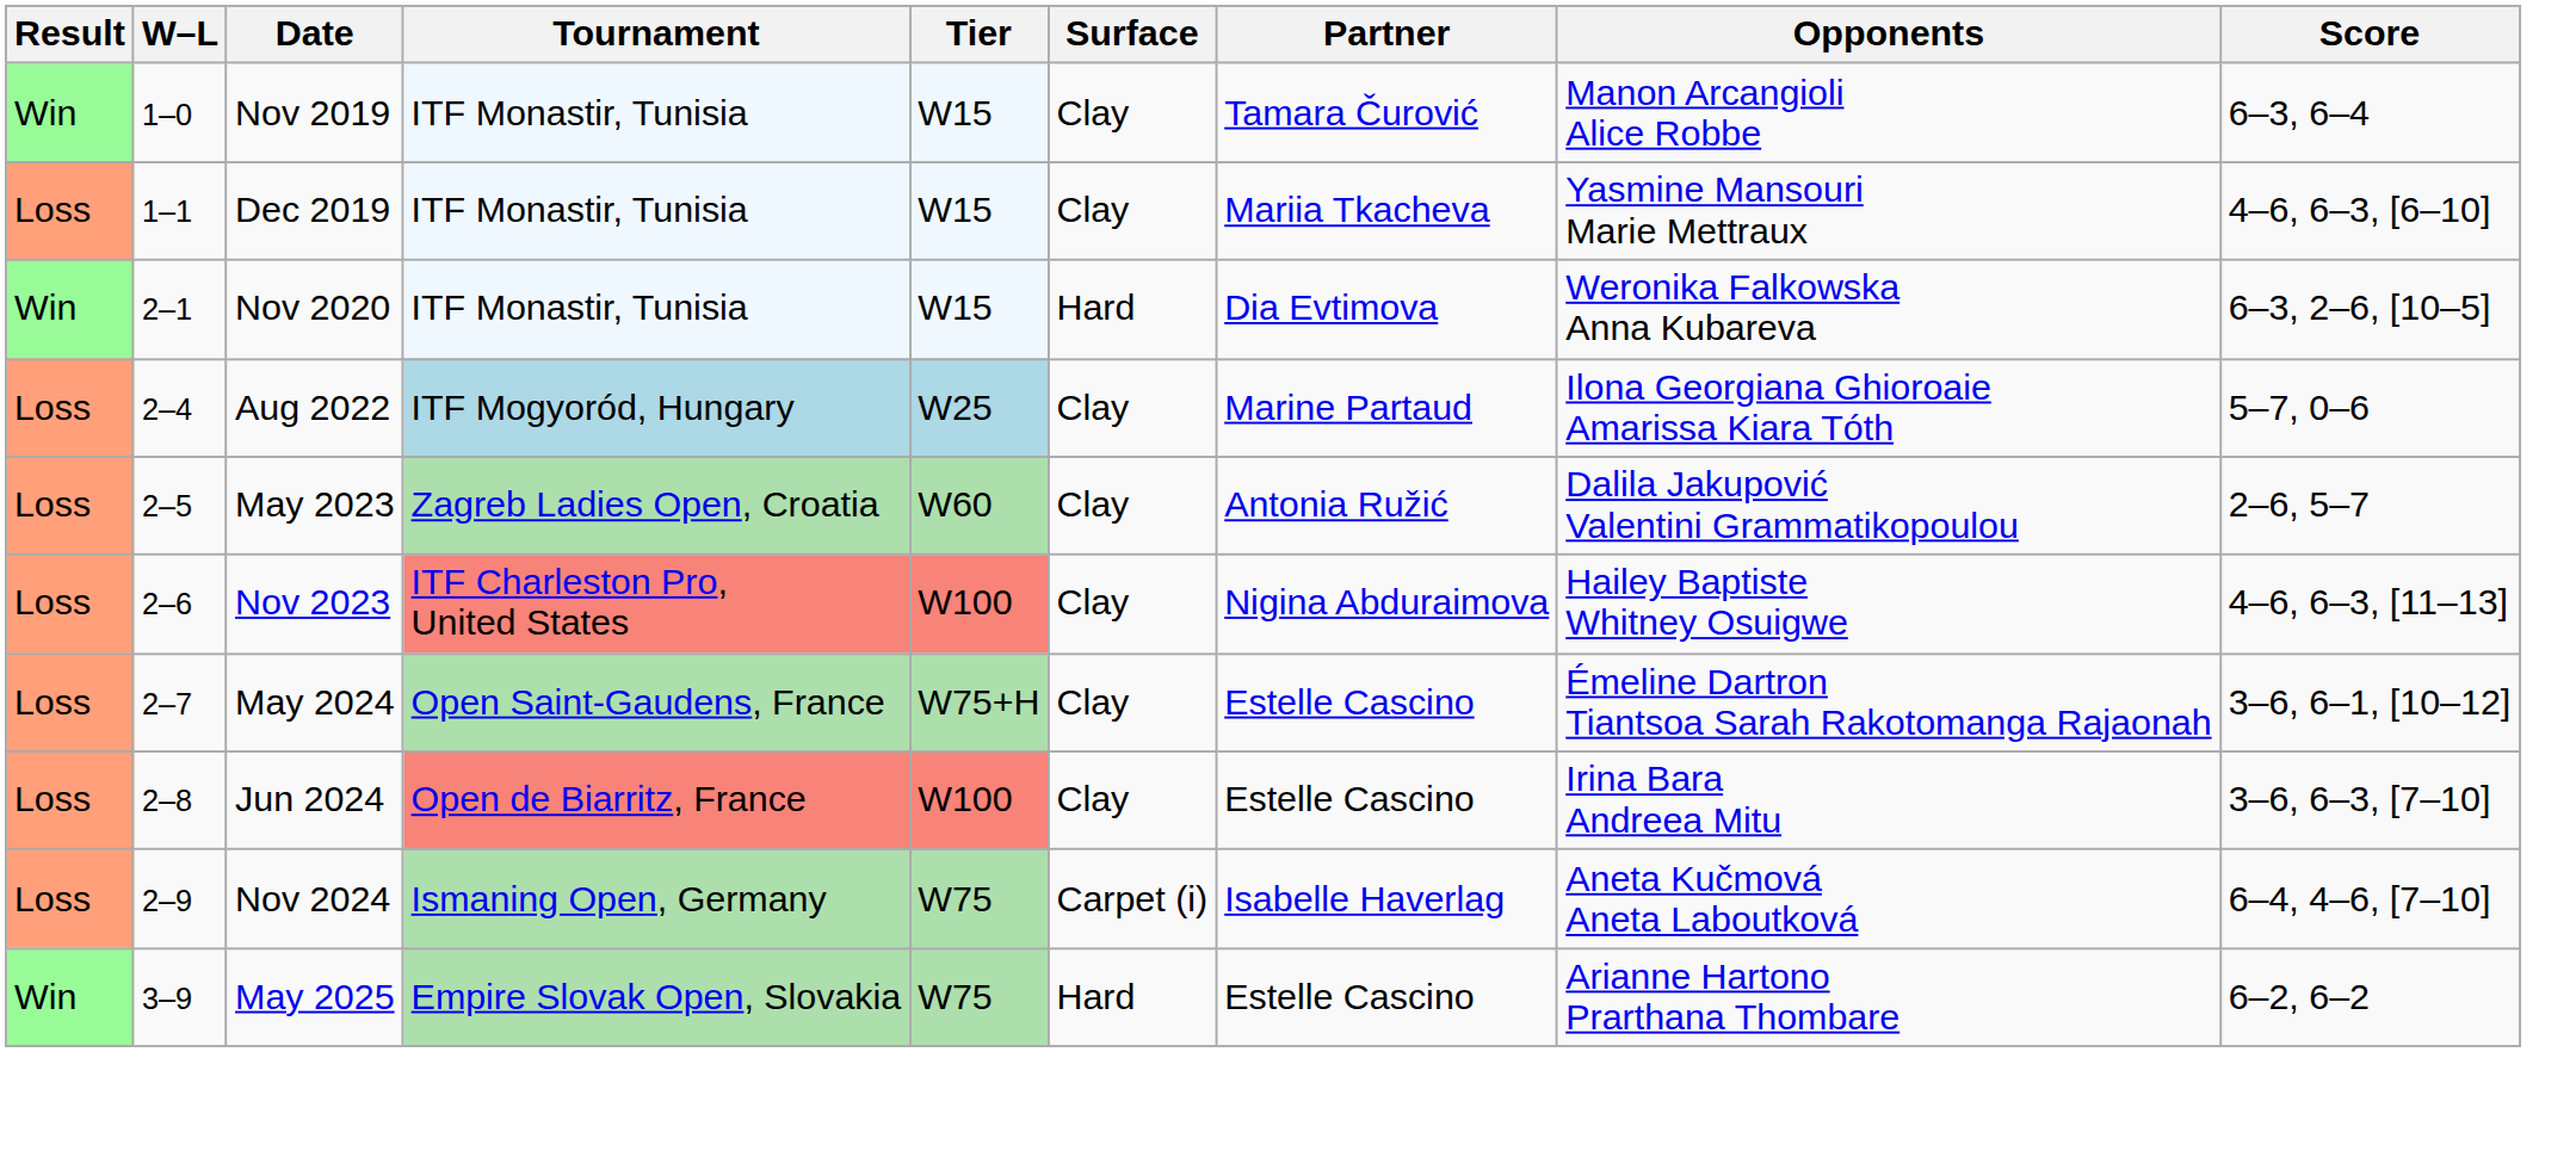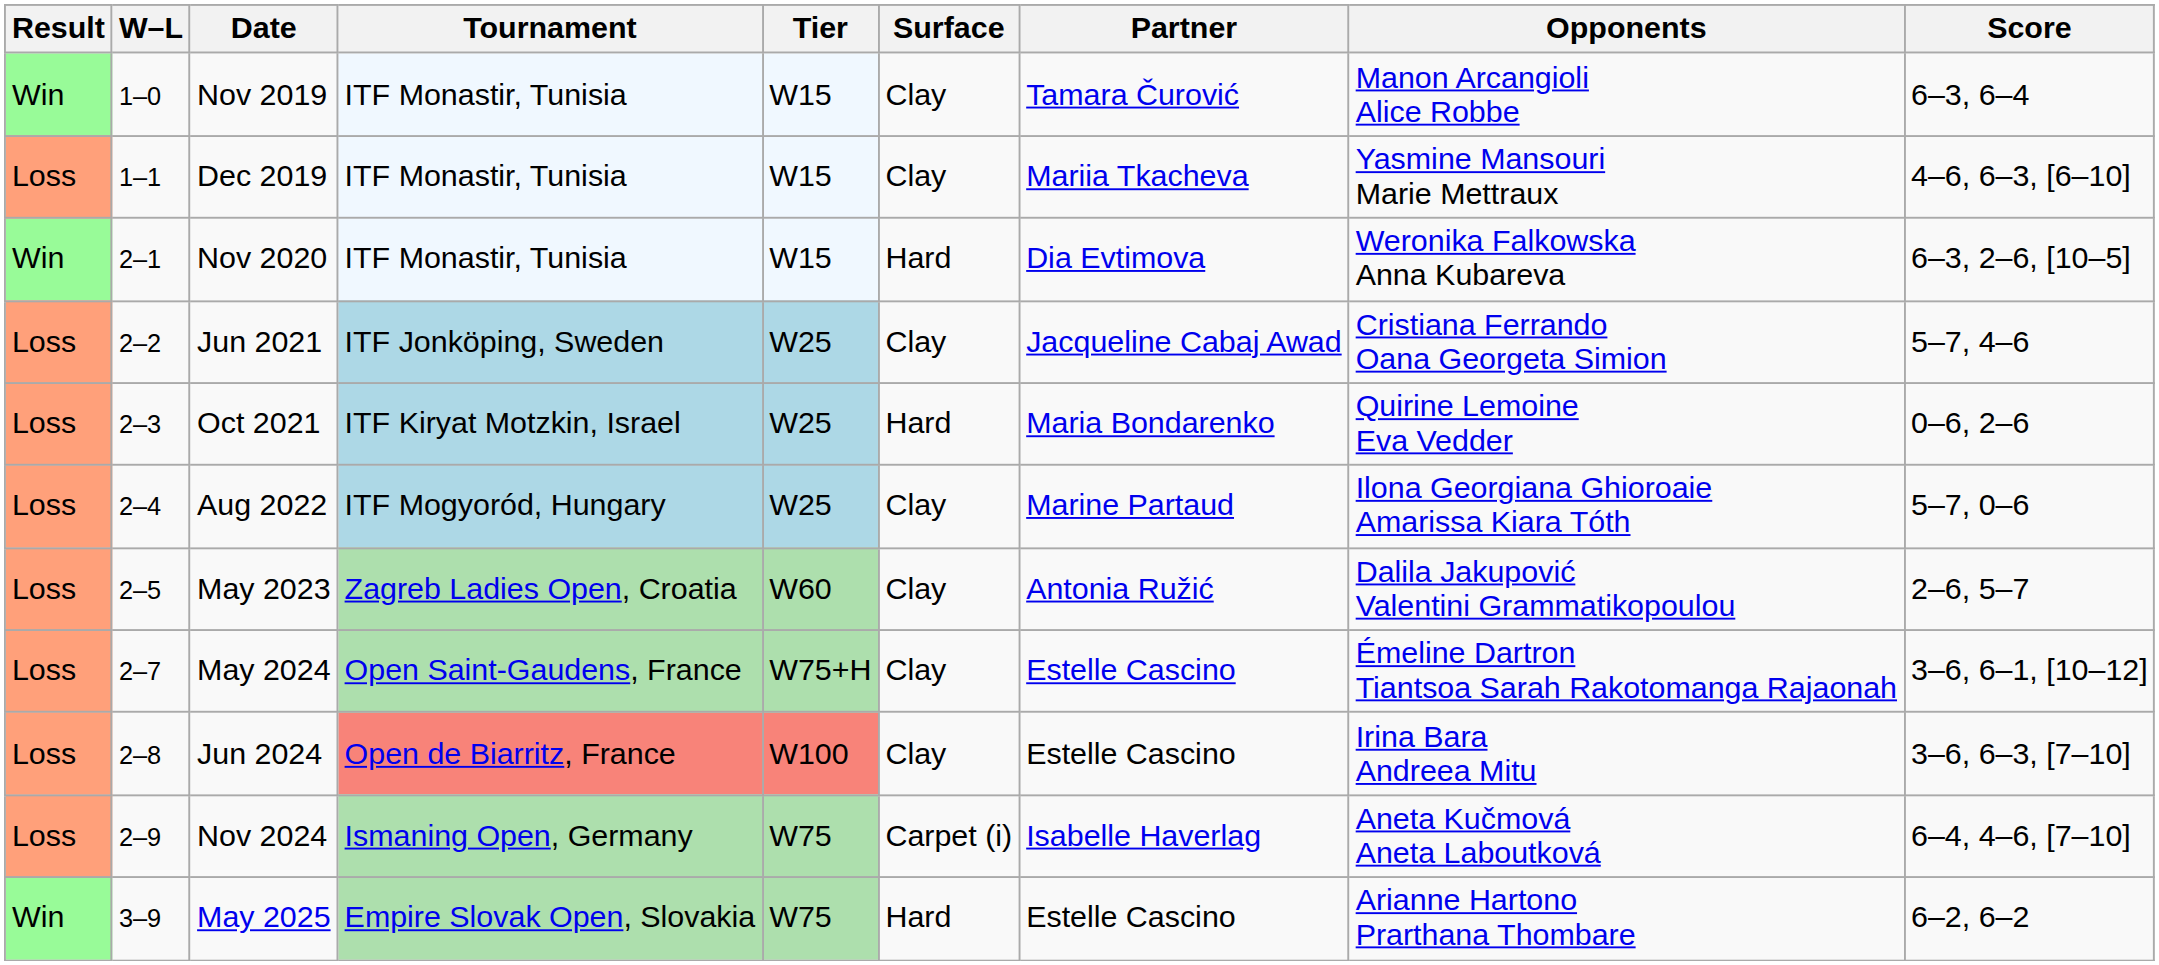 <table class="sortable wikitable">
 <tr>
 <th>Result</th>
 <th class="unsortable">W–L</th>
 <th>Date</th>
 <th>Tournament</th>
 <th>Tier</th>
 <th>Surface</th>
 <th>Partner</th>
 <th>Opponents</th>
 <th class="unsortable">Score</th>
 </tr>
 <tr>
 <td style="background:#98fb98;">Win</td>
 <td><small>1–0</small></td>
 <td>Nov 2019</td>
 <td style="background:#f0f8ff;">ITF Monastir, Tunisia</td>
 <td style="background:#f0f8ff;">W15</td>
 <td>Clay</td>
 <td> <a href='#'>Tamara Čurović</a></td>
 <td> <a href='#'>Manon Arcangioli</a> <br>  <a href='#'>Alice Robbe</a></td>
 <td>6–3, 6–4</td>
 </tr>
 <tr>
 <td style="background:#ffa07a;">Loss</td>
 <td><small>1–1</small></td>
 <td>Dec 2019</td>
 <td style="background:#f0f8ff;">ITF Monastir, Tunisia</td>
 <td style="background:#f0f8ff;">W15</td>
 <td>Clay</td>
 <td> <a href='#'>Mariia Tkacheva</a></td>
 <td> <a href='#'>Yasmine Mansouri</a> <br>  Marie Mettraux</td>
 <td>4–6, 6–3, [6–10]</td>
 </tr>
 <tr>
 <td style="background:#98fb98;">Win</td>
 <td><small>2–1</small></td>
 <td>Nov 2020</td>
 <td style="background:#f0f8ff;">ITF Monastir, Tunisia</td>
 <td style="background:#f0f8ff;">W15</td>
 <td>Hard</td>
 <td> <a href='#'>Dia Evtimova</a></td>
 <td> <a href='#'>Weronika Falkowska</a> <br>  Anna Kubareva</td>
 <td>6–3, 2–6, [10–5]</td>
 </tr>
 <tr>
 <td style="background:#ffa07a;">Loss</td>
+<td><small>2–2</small></td>
+<td>Jun 2021</td>
+<td style="background:lightblue">ITF Jonköping, Sweden</td>
+<td style="background:lightblue">W25</td>
+<td>Clay</td>
+<td> <a href='#'>Jacqueline Cabaj Awad</a></td>
+<td> <a href='#'>Cristiana Ferrando</a> <br>  <a href='#'>Oana Georgeta Simion</a></td>
+<td>5–7, 4–6</td>
+</tr>
+<tr>
+<td style="background:#ffa07a;">Loss</td>
+<td><small>2–3</small></td>
+<td>Oct 2021</td>
+<td style="background:lightblue">ITF Kiryat Motzkin, Israel</td>
+<td style="background:lightblue">W25</td>
+<td>Hard</td>
+<td> <a href='#'>Maria Bondarenko</a></td>
+<td> <a href='#'>Quirine Lemoine</a> <br>  <a href='#'>Eva Vedder</a></td>
+<td>0–6, 2–6</td>
+</tr>
+<tr>
+<td style="background:#ffa07a;">Loss</td>
 <td><small>2–4</small></td>
 <td>Aug 2022</td>
 <td style="background:lightblue">ITF Mogyoród, Hungary</td>
 <td style="background:lightblue">W25</td>
 <td>Clay</td>
 <td> <a href='#'>Marine Partaud</a></td>
 <td> <a href='#'>Ilona Georgiana Ghioroaie</a> <br>  <a href='#'>Amarissa Kiara Tóth</a></td>
 <td>5–7, 0–6</td>
 </tr>
 <tr>
 <td style="background:#ffa07a;">Loss</td>
 <td><small>2–5</small></td>
 <td>May 2023</td>
 <td style="background:#addfad;"><a href='#'>Zagreb Ladies Open</a>, Croatia</td>
 <td style="background:#addfad;">W60</td>
 <td>Clay</td>
 <td> <a href='#'>Antonia Ružić</a></td>
 <td> <a href='#'>Dalila Jakupović</a> <br>  <a href='#'>Valentini Grammatikopoulou</a></td>
 <td>2–6, 5–7</td>
-</tr>
-<tr>
-<td style=background:#ffa07a;>Loss</td>
-<td><small>2–6</small></td>
-<td><a href='#'>Nov 2023</a></td>
-<td style="background:#f88379;"><a href='#'>ITF Charleston Pro</a>,<br> United States</td>
-<td style="background:#f88379;">W100</td>
-<td>Clay</td>
-<td> <a href='#'>Nigina Abduraimova</a></td>
-<td> <a href='#'>Hailey Baptiste</a> <br>  <a href='#'>Whitney Osuigwe</a></td>
-<td>4–6, 6–3, [11–13]</td>
 </tr>
 <tr>
 <td style=background:#ffa07a;>Loss</td>
 <td><small>2–7</small></td>
 <td>May 2024</td>
 <td style=background:#addfad><a href='#'>Open Saint-Gaudens</a>, France</td>
 <td style=background:#addfad>W75+H</td>
 <td>Clay</td>
 <td> <a href='#'>Estelle Cascino</a></td>
 <td> <a href='#'>Émeline Dartron</a> <br>  <a href='#'>Tiantsoa Sarah Rakotomanga Rajaonah</a></td>
 <td>3–6, 6–1, [10–12]</td>
 </tr>
 <tr>
 <td style=background:#ffa07a;>Loss</td>
 <td><small>2–8</small></td>
 <td>Jun 2024</td>
 <td style="background:#f88379;"><a href='#'>Open de Biarritz</a>, France</td>
 <td style="background:#f88379;">W100</td>
 <td>Clay</td>
 <td> Estelle Cascino</td>
 <td> <a href='#'>Irina Bara</a> <br>  <a href='#'>Andreea Mitu</a></td>
 <td>3–6, 6–3, [7–10]</td>
 </tr>
 <tr>
 <td style="background:#ffa07a;">Loss</td>
 <td><small>2–9</small></td>
 <td>Nov 2024</td>
 <td style="background:#addfad;"><a href='#'>Ismaning Open</a>, Germany</td>
 <td style="background:#addfad;">W75</td>
 <td>Carpet (i)</td>
 <td> <a href='#'>Isabelle Haverlag</a></td>
 <td> <a href='#'>Aneta Kučmová</a> <br>  <a href='#'>Aneta Laboutková</a></td>
 <td>6–4, 4–6, [7–10]</td>
 </tr>
 <tr>
 <td style="background:#98FB98;">Win</td>
 <td><small>3–9</small></td>
 <td><a href='#'>May 2025</a></td>
 <td style="background:#addfad;"><a href='#'>Empire Slovak Open</a>, Slovakia</td>
 <td style="background:#addfad;">W75</td>
 <td>Hard</td>
 <td> Estelle Cascino</td>
 <td> <a href='#'>Arianne Hartono</a> <br>  <a href='#'>Prarthana Thombare</a></td>
 <td>6–2, 6–2</td>
 </tr>
 </table>
